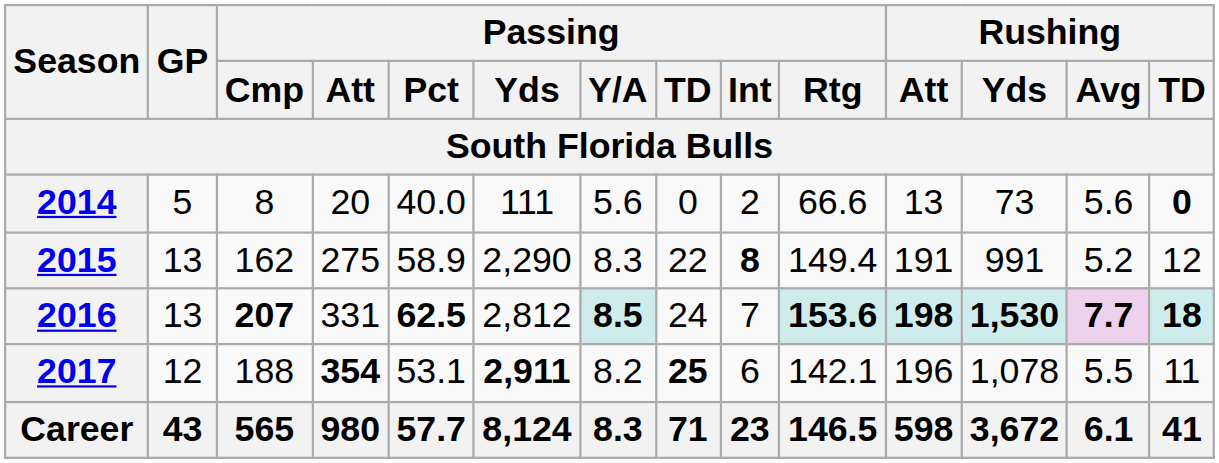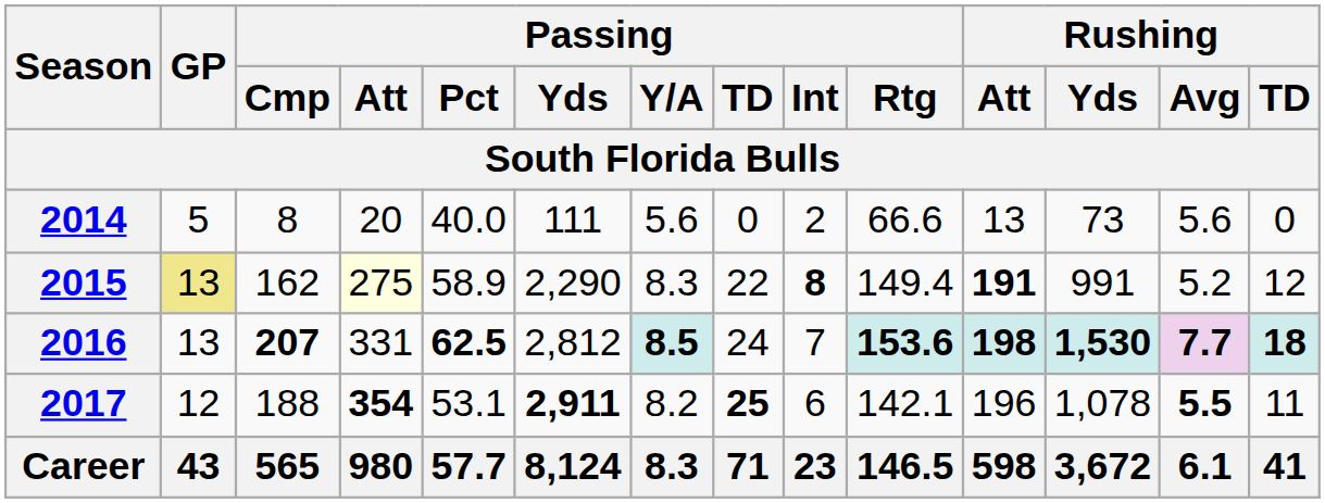 <table class="wikitable" style="text-align:center;">
 <tr>
 <th rowspan="2">Season</th>
 <th rowspan="2">GP</th>
 <th colspan="8">Passing</th>
 <th colspan="4">Rushing</th>
 </tr>
 <tr>
 <th>Cmp</th>
 <th>Att</th>
 <th>Pct</th>
 <th>Yds</th>
 <th>Y/A</th>
 <th>TD</th>
 <th>Int</th>
 <th>Rtg</th>
 <th>Att</th>
 <th>Yds</th>
 <th>Avg</th>
 <th>TD</th>
 </tr>
 <tr>
 <th colspan="14">South Florida Bulls</th>
 </tr>
 <tr>
 <th><a href='#'>2014</a></th>
 <td>5</td>
 <td>8</td>
 <td>20</td>
 <td>40.0</td>
 <td>111</td>
 <td>5.6</td>
 <td>0</td>
 <td>2</td>
 <td>66.6</td>
 <td>13</td>
 <td>73</td>
 <td>5.6</td>
-<td><strong>0</strong></td>
+<td>0</td>
 </tr>
 <tr>
 <th><a href='#'>2015</a></th>
-<td>13</td>
+<td style="background: khaki;">13</td>
 <td>162</td>
-<td>275</td>
+<td style="background: lightyellow;">275</td>
 <td>58.9</td>
 <td>2,290</td>
 <td>8.3</td>
 <td>22</td>
 <td><strong>8</strong></td>
 <td>149.4</td>
-<td>191</td>
+<td><strong>191</strong></td>
 <td>991</td>
 <td>5.2</td>
 <td>12</td>
 </tr>
 <tr>
 <th><a href='#'>2016</a></th>
 <td>13</td>
 <td><strong>207</strong></td>
 <td>331</td>
 <td><strong>62.5</strong></td>
 <td>2,812</td>
 <td style="background:#cfecec;"><strong>8.5</strong></td>
 <td>24</td>
 <td>7</td>
 <td style="background:#cfecec;"><strong>153.6</strong></td>
 <td style="background:#cfecec;"><strong>198</strong></td>
 <td style="background:#cfecec;"><strong>1,530</strong></td>
 <td style="background:#EDD1ED;"><strong>7.7</strong></td>
 <td style="background:#cfecec;"><strong>18</strong></td>
 </tr>
 <tr>
 <th><a href='#'>2017</a></th>
 <td>12</td>
 <td>188</td>
 <td><strong>354</strong></td>
 <td>53.1</td>
 <td><strong>2,911</strong></td>
 <td>8.2</td>
 <td><strong>25</strong></td>
 <td>6</td>
 <td>142.1</td>
 <td>196</td>
 <td>1,078</td>
-<td>5.5</td>
+<td><strong>5.5</strong></td>
 <td>11</td>
 </tr>
 <tr>
 <th>Career</th>
 <th>43</th>
 <th>565</th>
 <th>980</th>
 <th>57.7</th>
 <th>8,124</th>
 <th>8.3</th>
 <th>71</th>
 <th>23</th>
 <th>146.5</th>
 <th>598</th>
 <th>3,672</th>
 <th>6.1</th>
 <th>41</th>
 </tr>
 </table>
